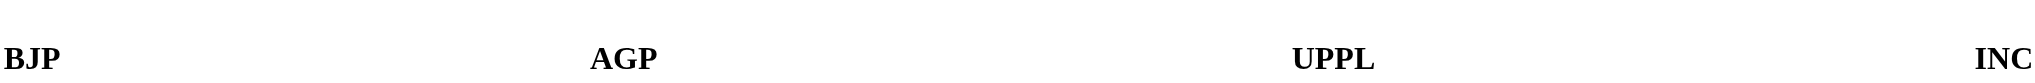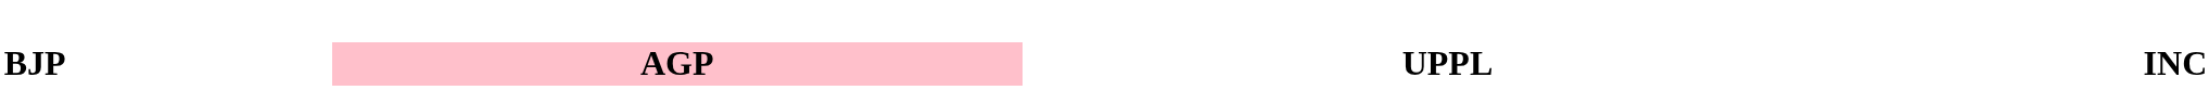 <table style="width:100%; text-align:center;">
 <tr style="color:white;">
 <td style="background:"><strong>9</strong></td>
 <td style="background:"><span><strong>1</strong></span></td>
 <td style="background:"><span><strong>1</strong></span></td>
 <td style="background:"><strong>3</strong></td>
 </tr>
 <tr>
 <td><span><strong>BJP</strong></span></td>
-<td><span><strong>AGP</strong></span></td>
+<td style="background: pink;"><span><strong>AGP</strong></span></td>
 <td><span><strong>UPPL</strong></span></td>
 <td><span><strong>INC</strong></span></td>
 </tr>
 </table>
